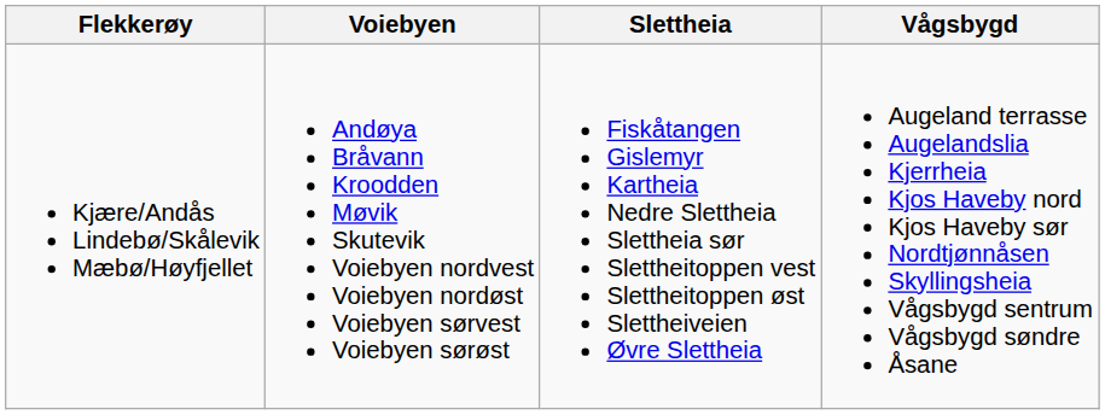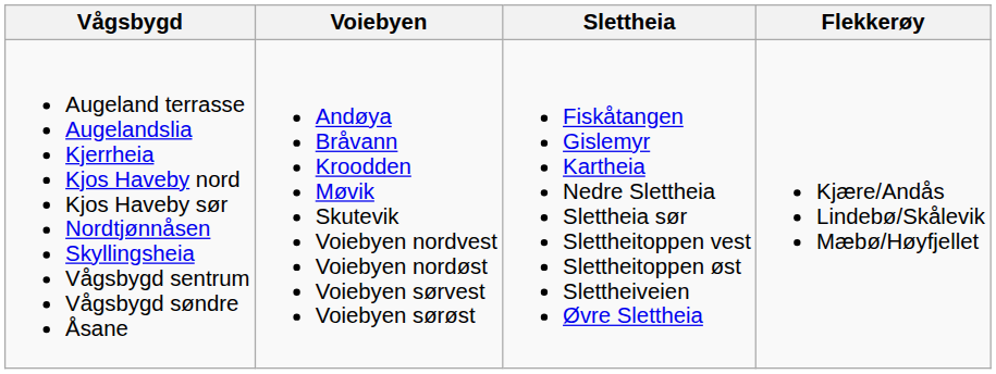 <table class="wikitable collapsible autocollapse">
 <tr>
-<th>Flekkerøy</th>
+<th>Vågsbygd</th>
 <th>Voiebyen</th>
 <th>Slettheia</th>
-<th>Vågsbygd</th>
+<th>Flekkerøy</th>
 </tr>
 <tr>
-<td><br><ul><li>Kjære/Andås</li><li>Lindebø/Skålevik</li><li>Mæbø/Høyfjellet</li></ul></td>
+<td><br><ul><li>Augeland terrasse</li><li><a href='#'>Augelandslia</a></li><li><a href='#'>Kjerrheia</a></li><li><a href='#'>Kjos Haveby</a> nord</li><li>Kjos Haveby sør</li><li><a href='#'>Nordtjønnåsen</a></li><li><a href='#'>Skyllingsheia</a></li><li>Vågsbygd sentrum</li><li>Vågsbygd søndre</li><li>Åsane</li></ul></td>
 <td><br><ul><li><a href='#'>Andøya</a></li><li><a href='#'>Bråvann</a></li><li><a href='#'>Kroodden</a></li><li><a href='#'>Møvik</a></li><li>Skutevik</li><li>Voiebyen nordvest</li><li>Voiebyen nordøst</li><li>Voiebyen sørvest</li><li>Voiebyen sørøst</li></ul></td>
 <td><br><ul><li><a href='#'>Fiskåtangen</a></li><li><a href='#'>Gislemyr</a></li><li><a href='#'>Kartheia</a></li><li>Nedre Slettheia</li><li>Slettheia sør</li><li>Slettheitoppen vest</li><li>Slettheitoppen øst</li><li>Slettheiveien</li><li><a href='#'>Øvre Slettheia</a></li></ul></td>
-<td><br><ul><li>Augeland terrasse</li><li><a href='#'>Augelandslia</a></li><li><a href='#'>Kjerrheia</a></li><li><a href='#'>Kjos Haveby</a> nord</li><li>Kjos Haveby sør</li><li><a href='#'>Nordtjønnåsen</a></li><li><a href='#'>Skyllingsheia</a></li><li>Vågsbygd sentrum</li><li>Vågsbygd søndre</li><li>Åsane</li></ul></td>
+<td><br><ul><li>Kjære/Andås</li><li>Lindebø/Skålevik</li><li>Mæbø/Høyfjellet</li></ul></td>
 </tr>
 </table>
